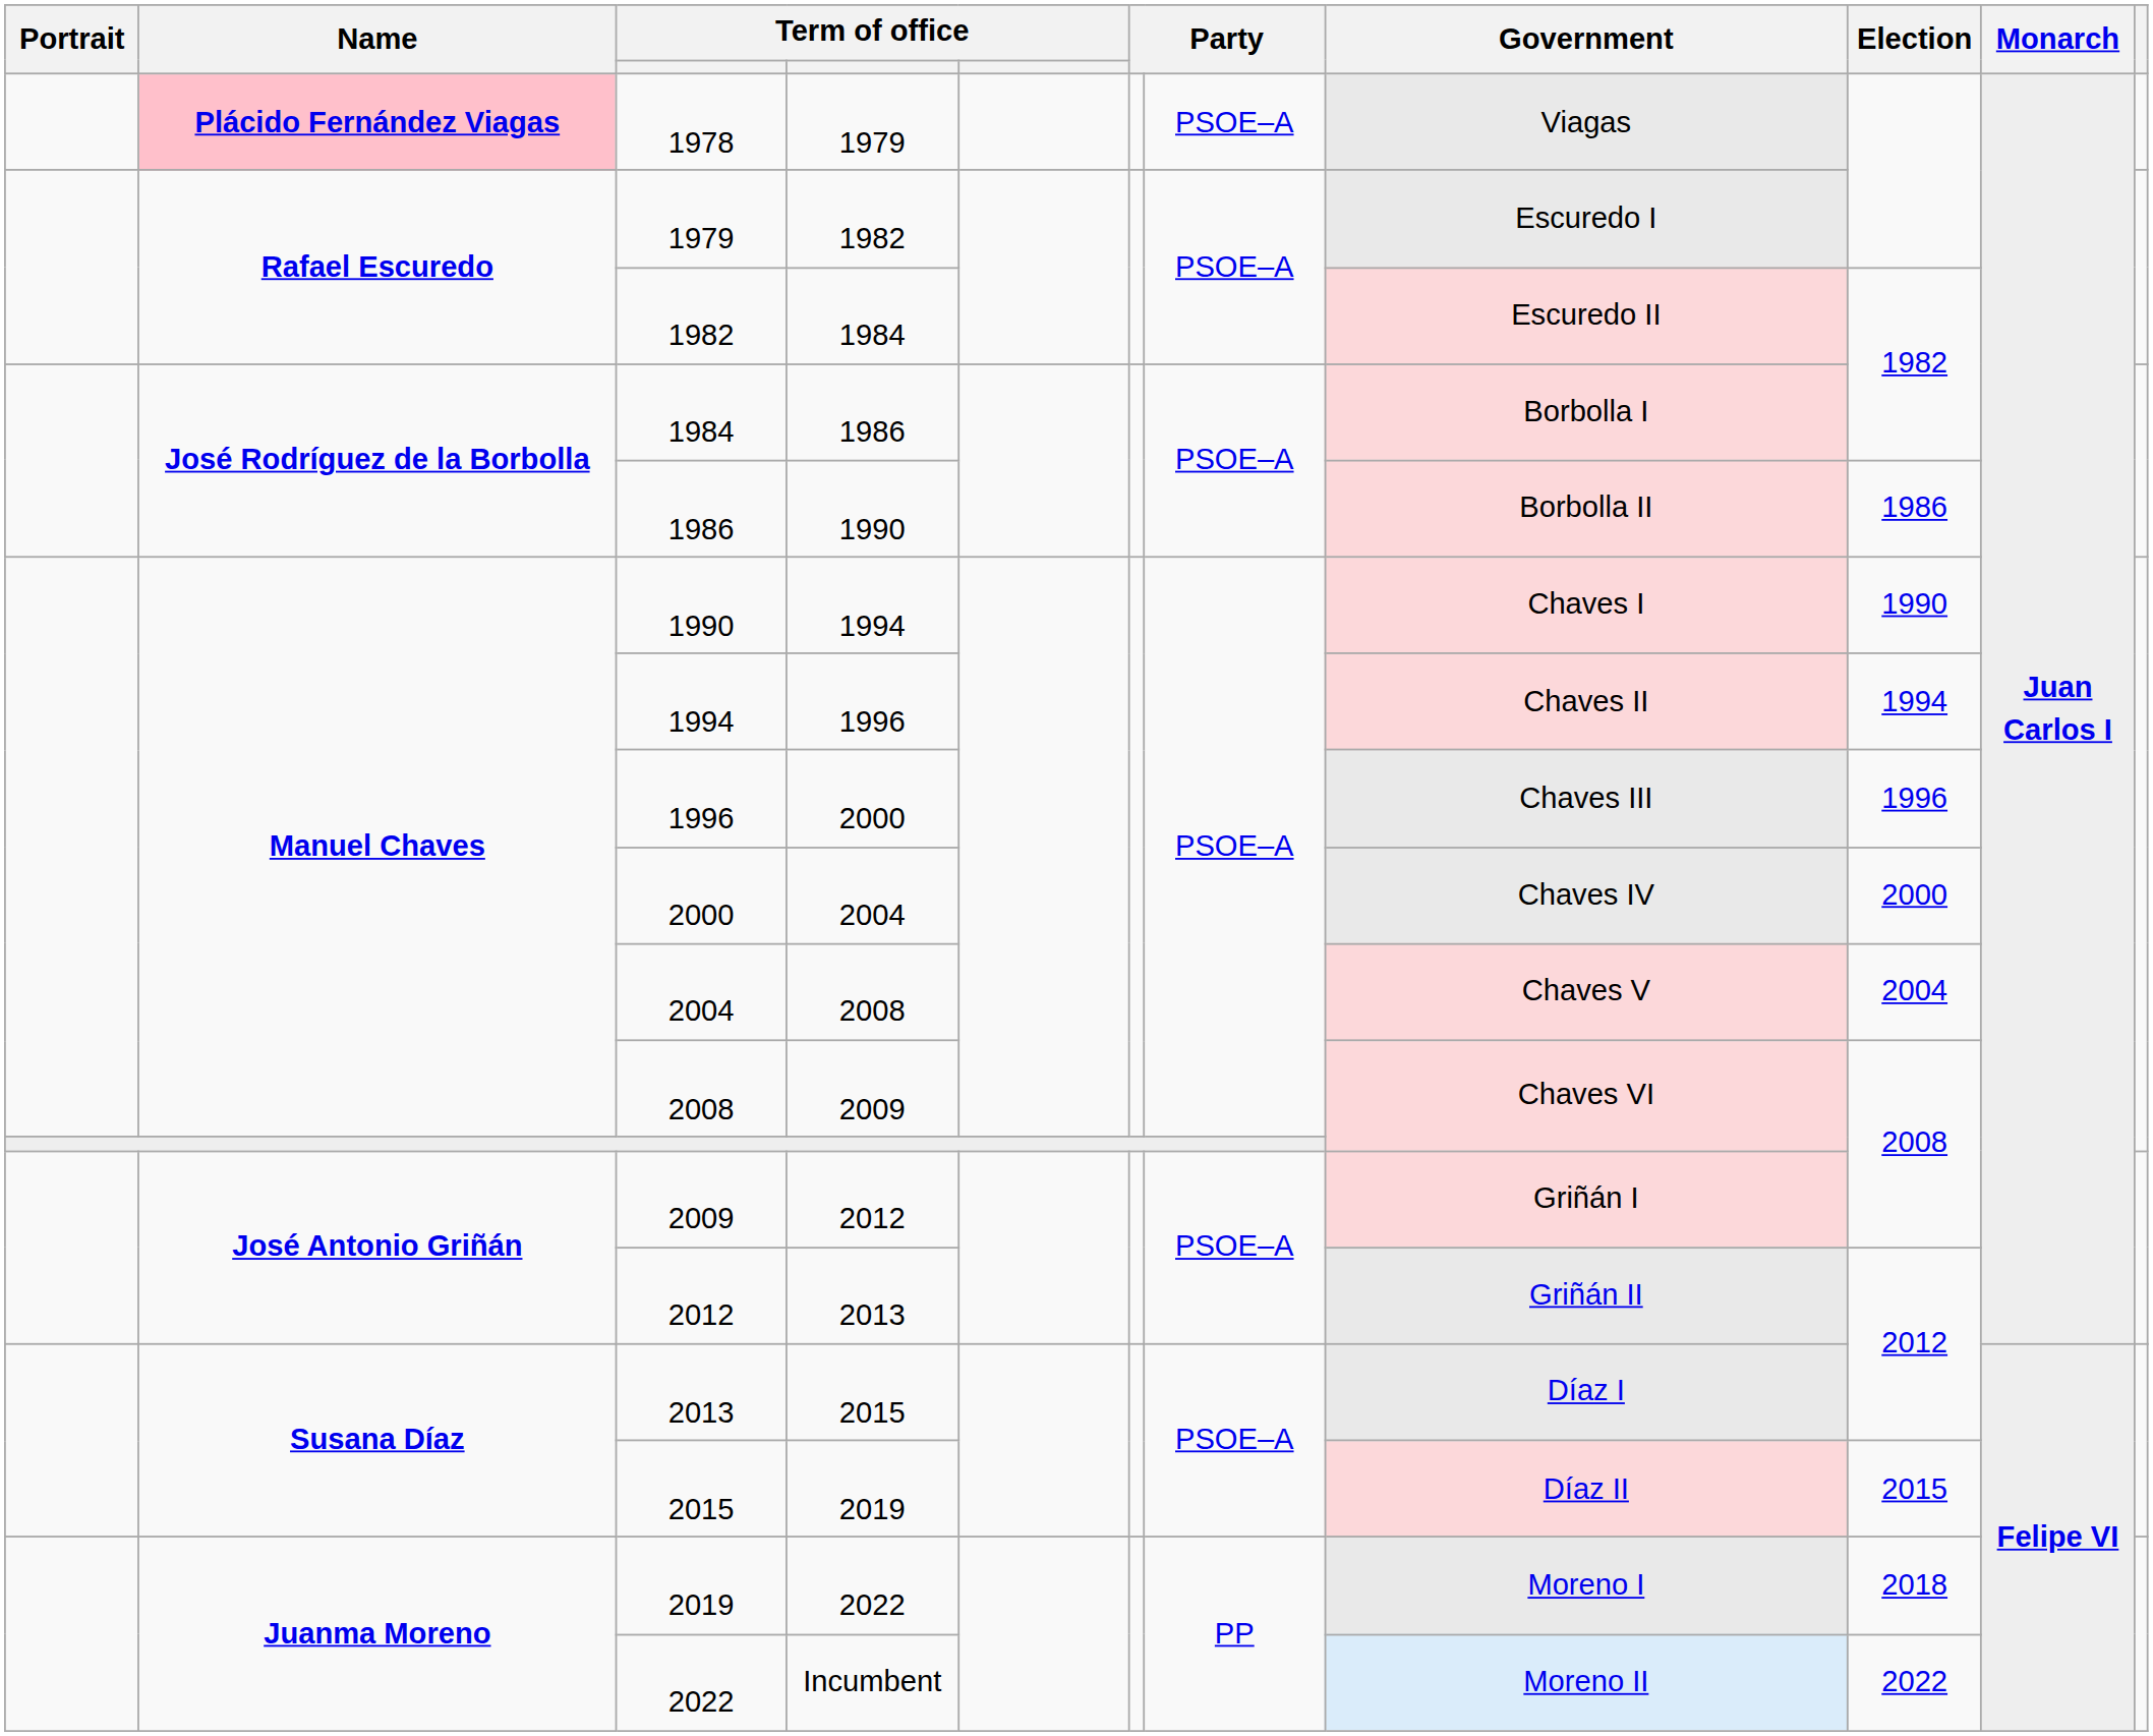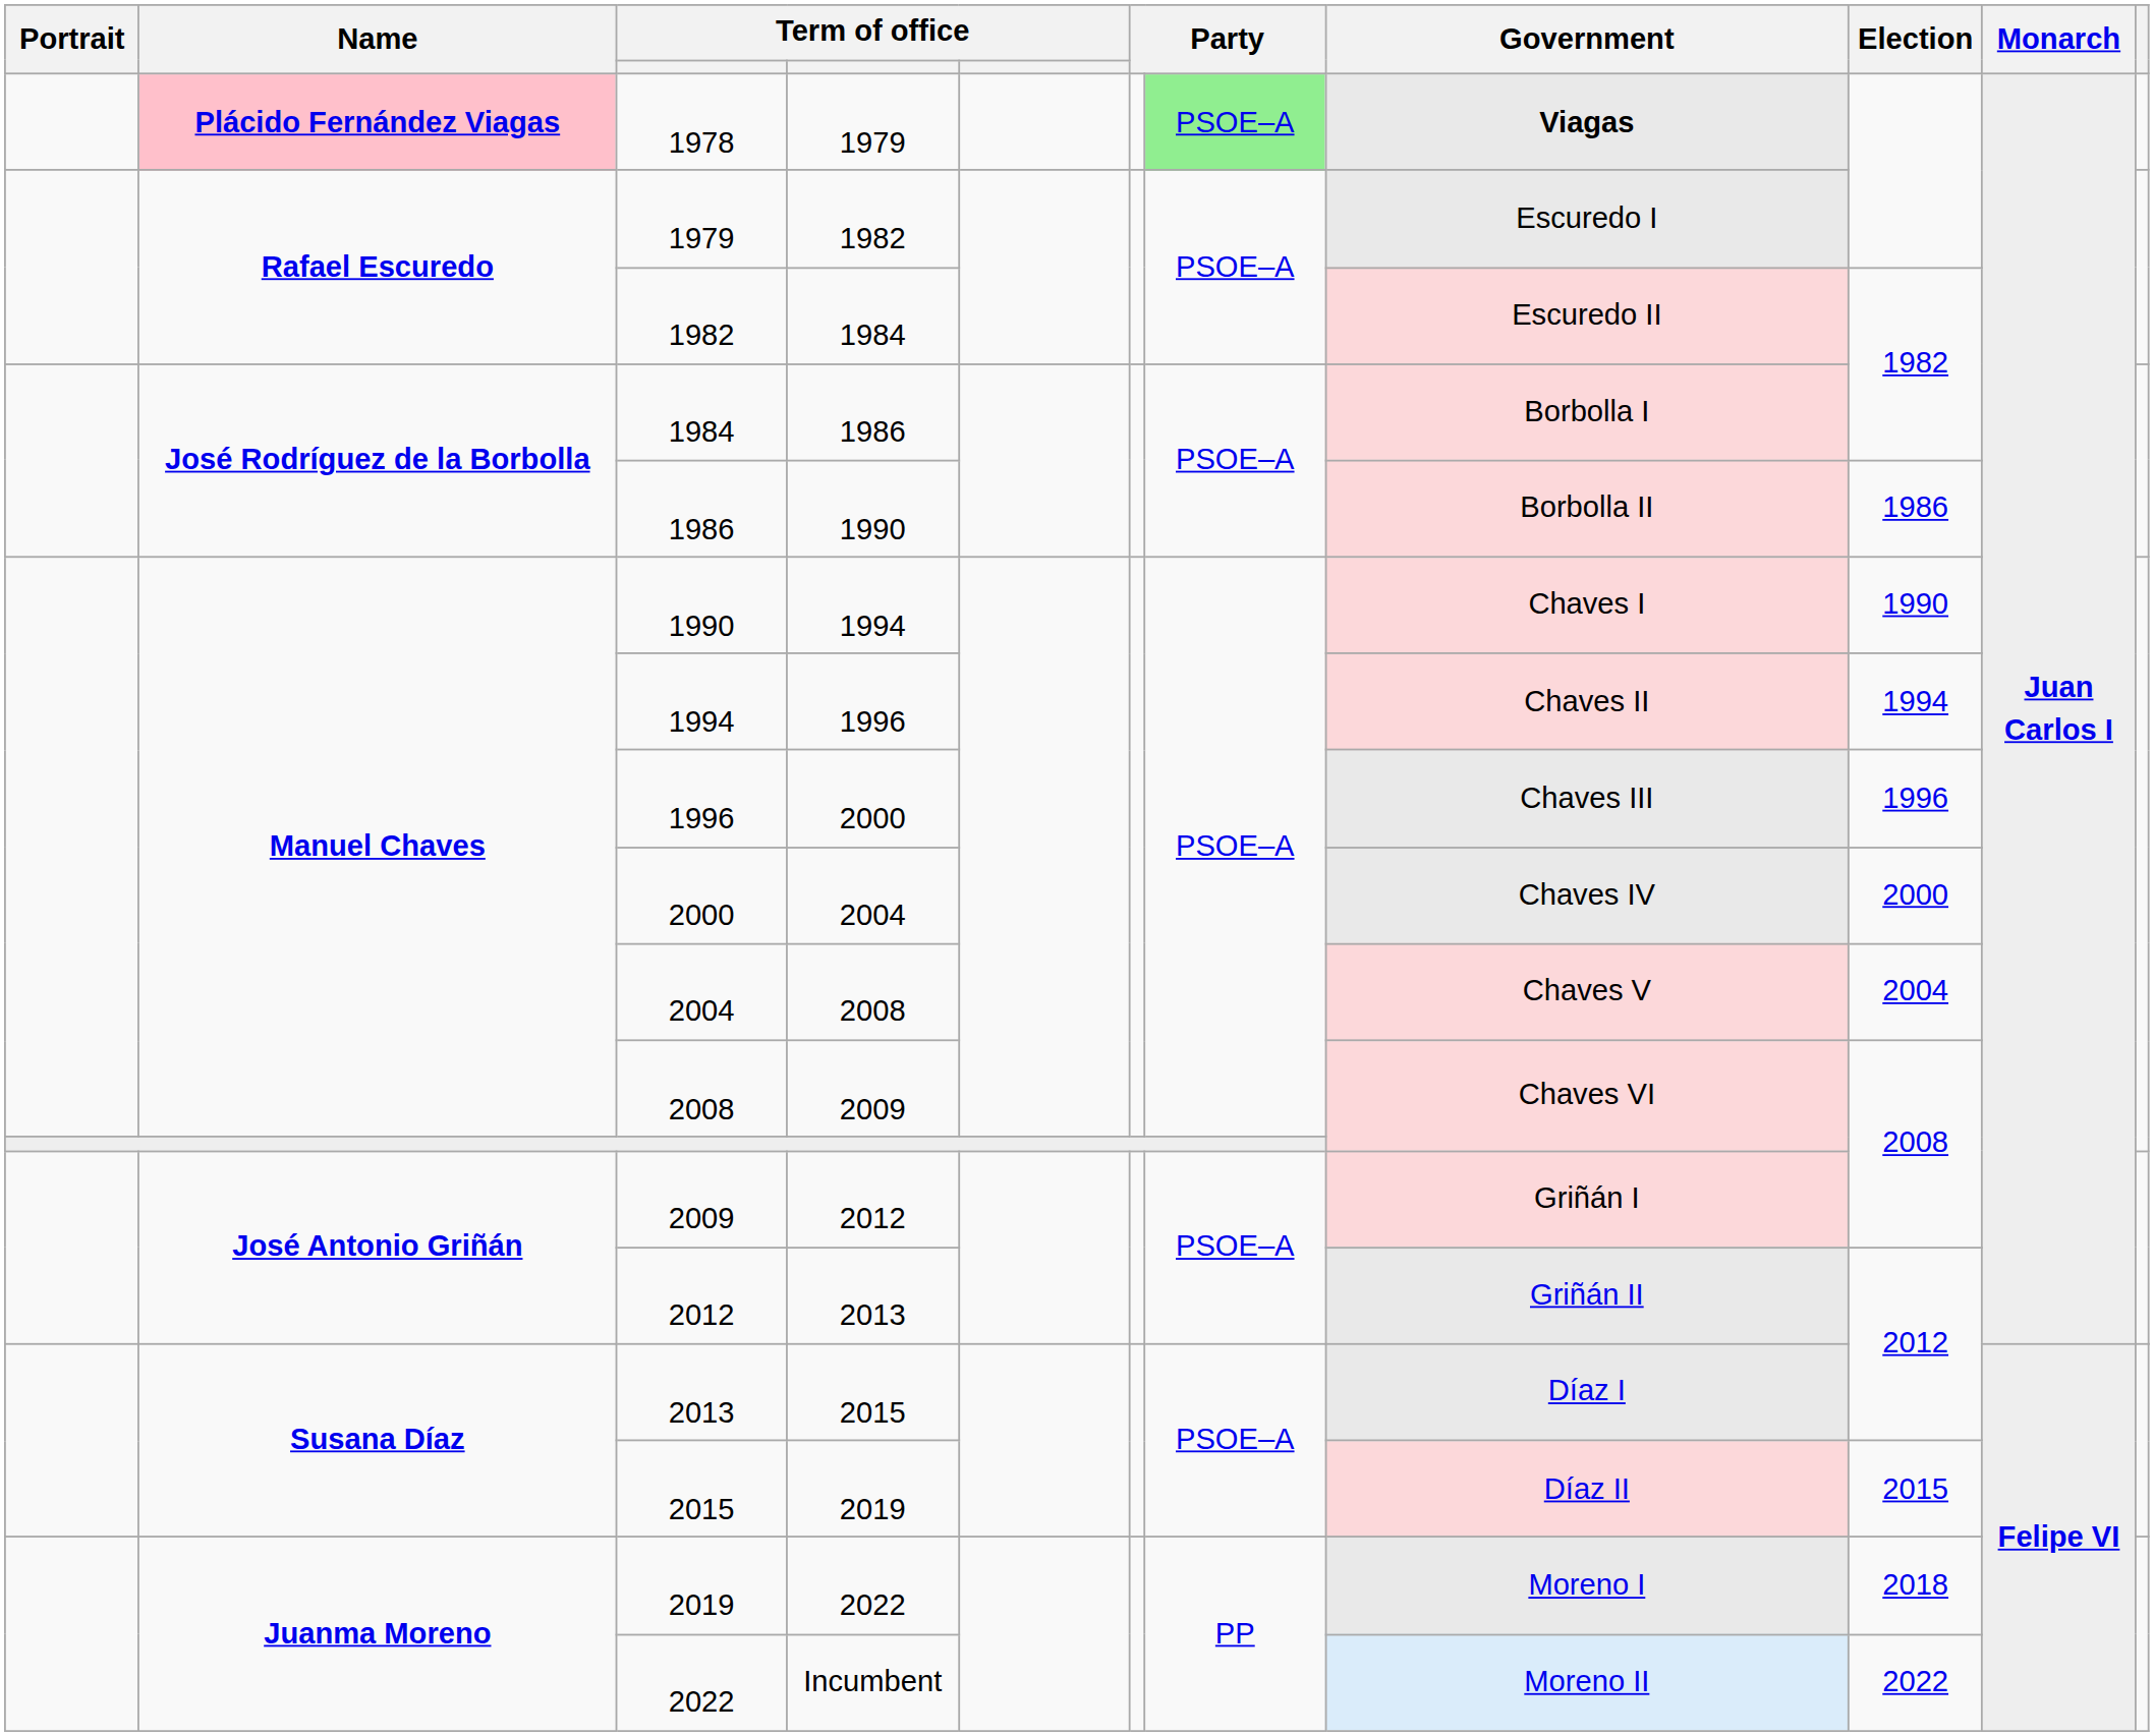 <table class="wikitable" style="line-height:1.4em; text-align:center; border:1px #aaf solid;">
 <tr>
 <th rowspan="2" width="65">Portrait</th>
 <th rowspan="2" width="250">Name<br></th>
 <th colspan="3">Term of office</th>
 <th rowspan="2" colspan="2" width="90">Party</th>
 <th rowspan="2" width="275">Government<br></th>
 <th rowspan="2" width="65">Election</th>
 <th rowspan="2" width="75"><a href='#'>Monarch</a><br></th>
 <th rowspan="2"></th>
 </tr>
 <tr>
 <th width="85"></th>
 <th width="85"></th>
 <th width="85"></th>
 </tr>
 <tr>
 <td width="65"></td>
 <td style="background: pink;"><strong><a href='#'>Plácido Fernández Viagas</a></strong><br></td>
 <td class="nowrap"><br>1978</td>
 <td class="nowrap"><br>1979</td>
 <td style="font-size:95%;"></td>
 <td width="1" style="color:inherit;background:"></td>
-<td width="90"><a href='#'>PSOE–A</a></td>
-<td style="background:#E9E9E9;">Viagas<br></td>
+<td width="90" style="background: lightgreen;"><a href='#'>PSOE–A</a></td>
+<td style="background:#E9E9E9;"><strong>Viagas<br></strong></td>
 <td rowspan="2" style="color:#ccc;"></td>
 <td scope="row" style="text-align:center;" rowspan="15" bgcolor="#EEEEEE"><br><strong><a href='#'>Juan Carlos I</a></strong><br><br></td>
 <td></td>
 </tr>
 <tr>
 <td rowspan="2"></td>
 <td rowspan="2"><strong><a href='#'>Rafael Escuredo</a></strong><br></td>
 <td class="nowrap"><br>1979</td>
 <td class="nowrap"><br>1982</td>
 <td rowspan="2" style="font-size:95%;"></td>
 <td rowspan="2" style="color:inherit;background:"></td>
 <td rowspan="2"><a href='#'>PSOE–A</a></td>
 <td style="background:#E9E9E9;">Escuredo I<br></td>
 <td rowspan="2"><br><br></td>
 </tr>
 <tr>
 <td class="nowrap"><br>1982</td>
 <td class="nowrap"><br>1984</td>
 <td style="background:#FCD8DA;">Escuredo II<br></td>
 <td rowspan="2"><a href='#'>1982</a></td>
 </tr>
 <tr>
 <td rowspan="2"></td>
 <td rowspan="2"><strong><a href='#'>José Rodríguez de la Borbolla</a></strong><br></td>
 <td class="nowrap"><br>1984</td>
 <td class="nowrap"><br>1986</td>
 <td rowspan="2" style="font-size:95%;"></td>
 <td rowspan="2" style="color:inherit;background:"></td>
 <td rowspan="2"><a href='#'>PSOE–A</a></td>
 <td style="background:#FCD8DA;">Borbolla I<br></td>
 <td rowspan="2"><br><br></td>
 </tr>
 <tr>
 <td class="nowrap"><br>1986</td>
 <td class="nowrap"><br>1990</td>
 <td style="background:#FCD8DA;">Borbolla II<br></td>
 <td><a href='#'>1986</a></td>
 </tr>
 <tr>
 <td rowspan="6"></td>
 <td rowspan="6"><strong><a href='#'>Manuel Chaves</a></strong><br></td>
 <td class="nowrap"><br>1990</td>
 <td class="nowrap"><br>1994</td>
 <td rowspan="6" style="font-size:95%;"></td>
 <td rowspan="6" style="color:inherit;background:"></td>
 <td rowspan="6"><a href='#'>PSOE–A</a></td>
 <td style="background:#FCD8DA;">Chaves I<br></td>
 <td><a href='#'>1990</a></td>
 <td rowspan="7"><br><br><br><br><br><br><br></td>
 </tr>
 <tr>
 <td class="nowrap"><br>1994</td>
 <td class="nowrap"><br>1996</td>
 <td style="background:#FCD8DA;">Chaves II<br></td>
 <td><a href='#'>1994</a></td>
 </tr>
 <tr>
 <td class="nowrap"><br>1996</td>
 <td class="nowrap"><br>2000</td>
 <td style="background:#E9E9E9;">Chaves III<br></td>
 <td><a href='#'>1996</a></td>
 </tr>
 <tr>
 <td class="nowrap"><br>2000</td>
 <td class="nowrap"><br>2004</td>
 <td style="background:#E9E9E9;">Chaves IV<br></td>
 <td><a href='#'>2000</a></td>
 </tr>
 <tr>
 <td class="nowrap"><br>2004</td>
 <td class="nowrap"><br>2008</td>
 <td style="background:#FCD8DA;">Chaves V<br></td>
 <td><a href='#'>2004</a></td>
 </tr>
 <tr>
 <td class="nowrap"><br>2008</td>
 <td class="nowrap"><br>2009<br></td>
 <td rowspan="2" style="background:#FCD8DA;">Chaves VI<br></td>
 <td rowspan="3"><a href='#'>2008</a></td>
 </tr>
 <tr>
 <td colspan="7" style="background:#EEEEEE;"></td>
 </tr>
 <tr>
 <td rowspan="2"></td>
 <td rowspan="2"><strong><a href='#'>José Antonio Griñán</a></strong><br></td>
 <td class="nowrap"><br>2009</td>
 <td class="nowrap"><br>2012</td>
 <td rowspan="2" style="font-size:95%;"></td>
 <td rowspan="2" style="color:inherit;background:"></td>
 <td rowspan="2"><a href='#'>PSOE–A</a></td>
 <td style="background:#FCD8DA;">Griñán I<br></td>
 <td rowspan="2"><br><br><br></td>
 </tr>
 <tr>
 <td class="nowrap"><br>2012</td>
 <td class="nowrap"><br>2013</td>
 <td style="background:#E9E9E9;"><a href='#'>Griñán II</a><br></td>
 <td rowspan="3"><a href='#'>2012</a></td>
 </tr>
 <tr>
 <td rowspan="3"></td>
 <td rowspan="3"><strong><a href='#'>Susana Díaz</a></strong><br></td>
 <td rowspan="2" class="nowrap"><br>2013</td>
 <td rowspan="2" class="nowrap"><br>2015</td>
 <td rowspan="3" style="font-size:95%;"></td>
 <td rowspan="3" style="color:inherit;background:"></td>
 <td rowspan="3"><a href='#'>PSOE–A</a></td>
 <td rowspan="2" style="background:#E9E9E9;"><a href='#'>Díaz I</a><br></td>
 <td rowspan="3"><br><br></td>
 </tr>
 <tr>
 <td scope="row" style="text-align:center;" rowspan="4" bgcolor="#EEEEEE"><br><strong><a href='#'>Felipe VI</a></strong><br><br></td>
 </tr>
 <tr>
 <td class="nowrap"><br>2015</td>
 <td class="nowrap"><br>2019</td>
 <td style="background:#FCD8DA;"><a href='#'>Díaz II</a><br></td>
 <td><a href='#'>2015</a></td>
 </tr>
 <tr>
 <td rowspan="2"></td>
 <td rowspan="2"><strong><a href='#'>Juanma Moreno</a></strong><br></td>
 <td class="nowrap"><br>2019</td>
 <td class="nowrap"><br>2022</td>
 <td rowspan="2" style="font-size:95%;"></td>
 <td rowspan="2" style="color:inherit;background:"></td>
 <td rowspan="2"><a href='#'>PP</a></td>
 <td style="background:#E9E9E9;"><a href='#'>Moreno I</a><br></td>
 <td><a href='#'>2018</a></td>
 <td rowspan="2"><br></td>
 </tr>
 <tr>
 <td class="nowrap"><br>2022</td>
 <td class="nowrap">Incumbent</td>
 <td style="background:#DAECFA;"><a href='#'>Moreno II</a><br></td>
 <td><a href='#'>2022</a></td>
 </tr>
 </table>
